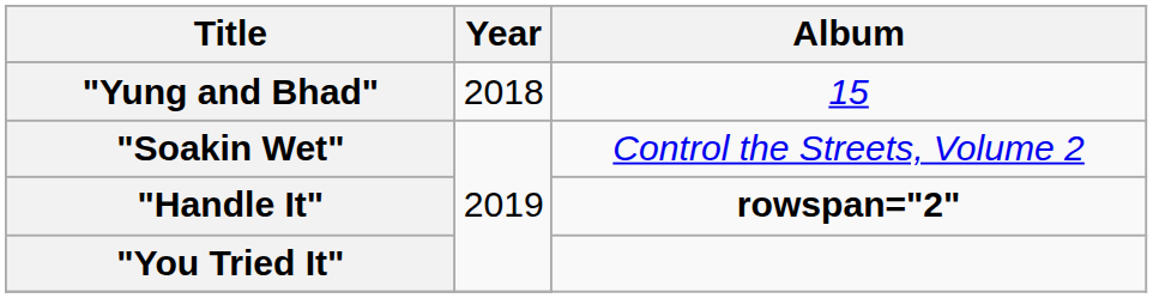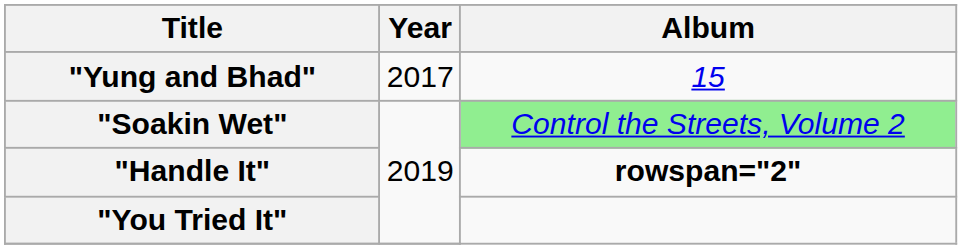 <table class="wikitable plainrowheaders" style="text-align:center;">
 <tr>
 <th scope="col" style="width:12em;">Title</th>
 <th scope="col" style="width:1em;">Year</th>
 <th scope="col" style="width:16em;">Album</th>
 </tr>
 <tr>
 <th scope="row">"Yung and Bhad"<br></th>
-<td>2018</td>
+<td>2017</td>
 <td><em><a href='#'>15</a></em></td>
 </tr>
 <tr>
 <th scope="row">"Soakin Wet"<br></th>
 <td rowspan="3">2019</td>
-<td><em><a href='#'>Control the Streets, Volume 2</a></em></td>
+<td style="background: lightgreen;"><em><a href='#'>Control the Streets, Volume 2</a></em></td>
 </tr>
 <tr>
 <th scope="row">"Handle It"<br></th>
 <td><strong>rowspan="2" </strong></td>
 </tr>
 <tr>
 <th scope="row">"You Tried It"</th>
 </tr>
 <tr>
 </tr>
 </table>
